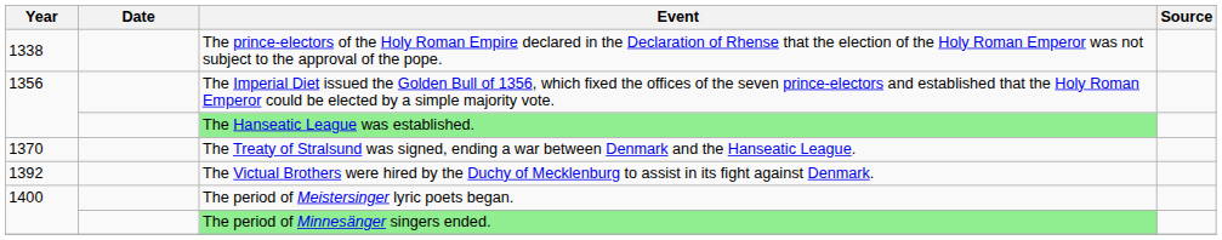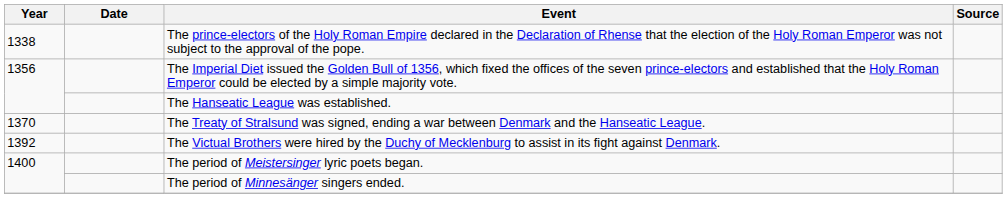 <table class="wikitable" width="100%">
 <tr>
 <th style="width:6%">Year</th>
 <th style="width:10%">Date</th>
 <th>Event</th>
 <th>Source</th>
 </tr>
 <tr>
 <td>1338</td>
 <td></td>
 <td>The <a href='#'>prince-electors</a> of the <a href='#'>Holy Roman Empire</a> declared in the <a href='#'>Declaration of Rhense</a> that the election of the <a href='#'>Holy Roman Emperor</a> was not subject to the approval of the pope.</td>
 <td></td>
 </tr>
 <tr>
 <td rowspan="2" valign="top">1356</td>
 <td></td>
 <td>The <a href='#'>Imperial Diet</a> issued the <a href='#'>Golden Bull of 1356</a>, which fixed the offices of the seven <a href='#'>prince-electors</a> and established that the <a href='#'>Holy Roman Emperor</a> could be elected by a simple majority vote.</td>
 <td></td>
 </tr>
 <tr>
 <td></td>
-<td style="background: lightgreen;">The <a href='#'>Hanseatic League</a> was established.</td>
+<td>The <a href='#'>Hanseatic League</a> was established.</td>
 <td></td>
 </tr>
 <tr>
 <td>1370</td>
 <td></td>
 <td>The <a href='#'>Treaty of Stralsund</a> was signed, ending a war between <a href='#'>Denmark</a> and the <a href='#'>Hanseatic League</a>.</td>
 <td></td>
 </tr>
 <tr>
 <td>1392</td>
 <td></td>
 <td>The <a href='#'>Victual Brothers</a> were hired by the <a href='#'>Duchy of Mecklenburg</a> to assist in its fight against <a href='#'>Denmark</a>.</td>
 <td></td>
 </tr>
 <tr>
 <td rowspan="2" valign="top">1400</td>
 <td></td>
 <td>The period of <em><a href='#'>Meistersinger</a></em> lyric poets began.</td>
 <td></td>
 </tr>
 <tr>
 <td></td>
-<td style="background: lightgreen;">The period of <em><a href='#'>Minnesänger</a></em> singers ended.</td>
+<td>The period of <em><a href='#'>Minnesänger</a></em> singers ended.</td>
 <td></td>
 </tr>
 <tr>
 </tr>
 </table>
